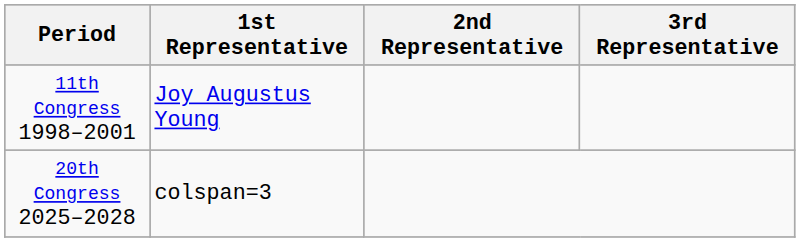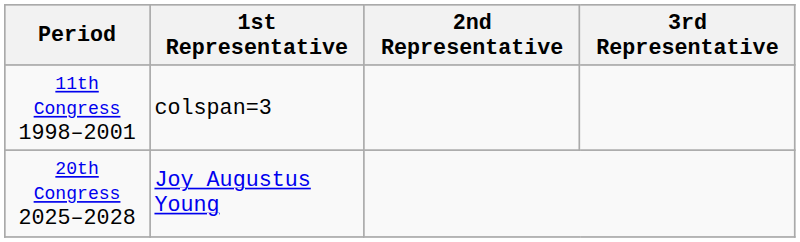 <table class="wikitable" width=76%>
 <tr>
 <th width=16%>Period</th>
 <th width=20%>1st Representative</th>
 <th width=20%>2nd Representative</th>
 <th width=20%>3rd Representative</th>
 </tr>
 <tr>
 <td style="text-align:center;"><small><a href='#'>11th Congress</a></small><br>1998–2001</td>
-<td><a href='#'>Joy Augustus Young</a></td>
+<td>colspan=3</td>
 <td></td>
 <td></td>
 </tr>
 <tr>
 <td style="text-align:center;"><small><a href='#'>20th Congress</a></small><br>2025–2028</td>
-<td>colspan=3</td>
+<td><a href='#'>Joy Augustus Young</a></td>
 </tr>
 </table>
